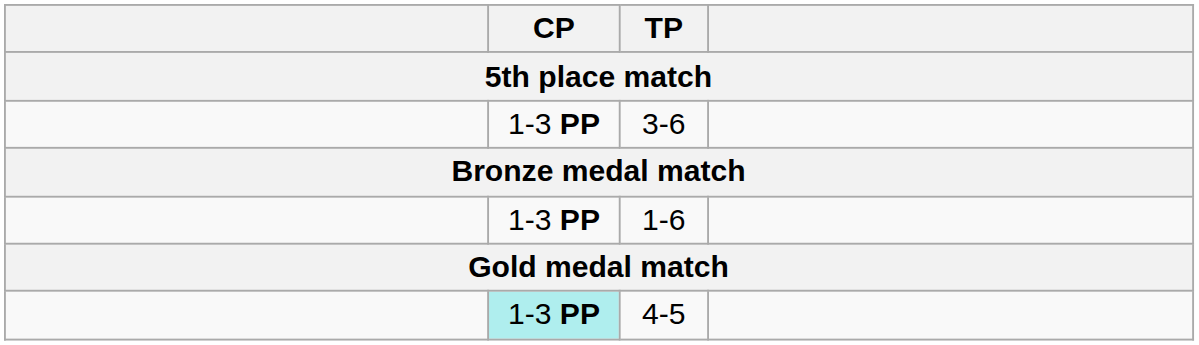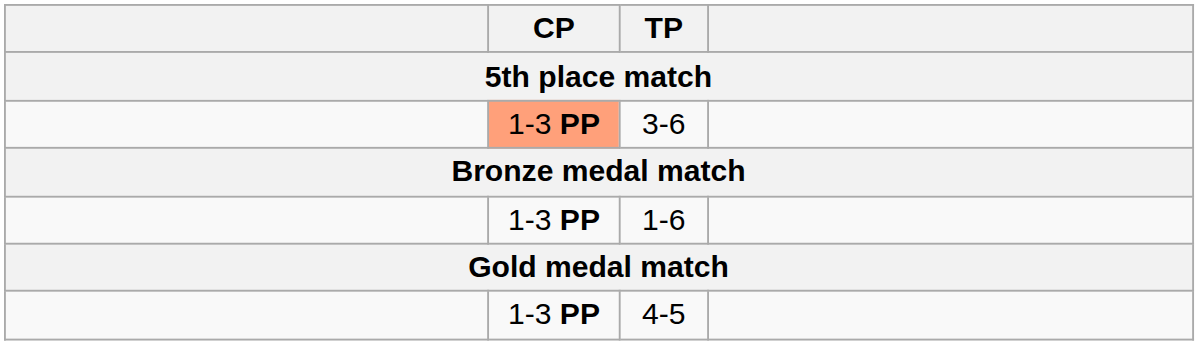 <table class="wikitable" style="text-align: center;" |>
 <tr>
 <th width="250"></th>
 <th width="62">CP</th>
 <th width="40">TP</th>
 <th width="250"></th>
 </tr>
 <tr>
 <th colspan="5">5th place match</th>
 </tr>
 <tr>
 <td style="text-align:left;"></td>
-<td>1-3 <strong>PP</strong></td>
+<td style="background: lightsalmon;">1-3 <strong>PP</strong></td>
 <td>3-6</td>
 <td style="text-align:left;"><strong></strong></td>
 </tr>
 <tr>
 <th colspan="5">Bronze medal match</th>
 </tr>
 <tr>
 <td style="text-align:left;"></td>
 <td>1-3 <strong>PP</strong></td>
 <td>1-6</td>
 <td style="text-align:left;"><strong></strong></td>
 </tr>
 <tr>
 <th colspan="5">Gold medal match</th>
 </tr>
 <tr>
 <td style="text-align:left;"></td>
-<td style="background: paleturquoise;">1-3 <strong>PP</strong></td>
+<td>1-3 <strong>PP</strong></td>
 <td>4-5</td>
 <td style="text-align:left;"><strong></strong></td>
 </tr>
 </table>
